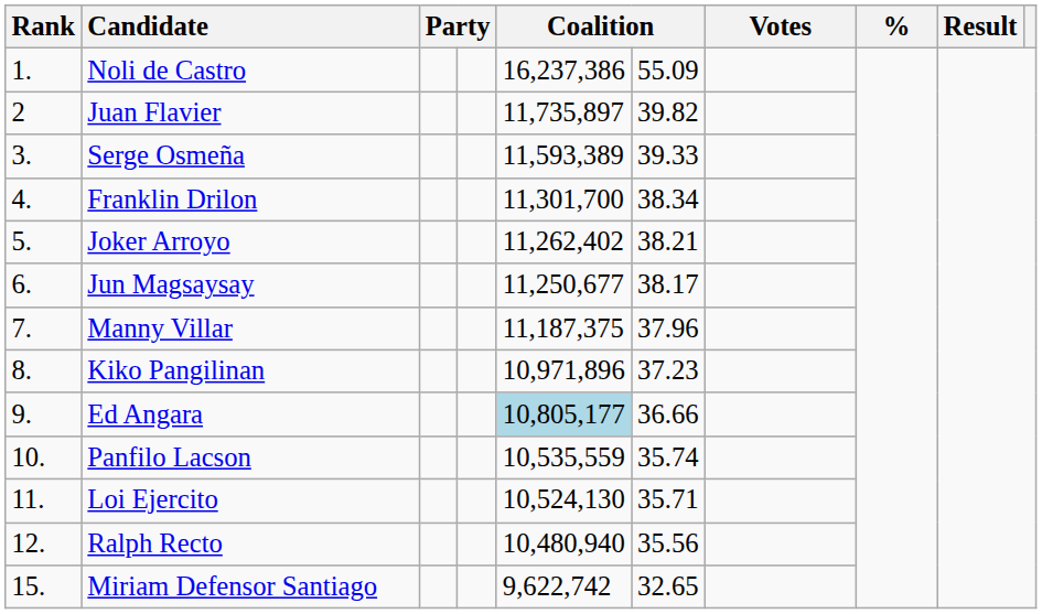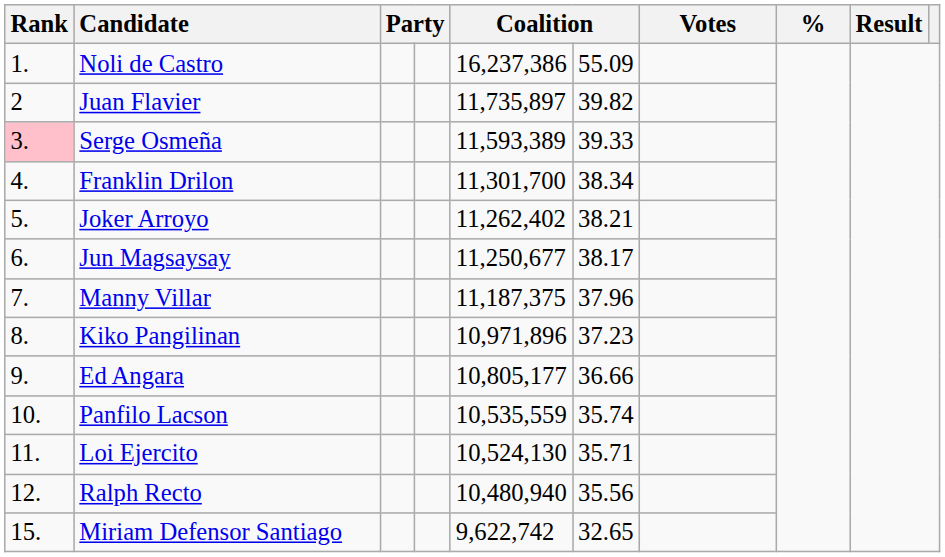 <table class="wikitable">
 <tr>
 <th width="5px">Rank</th>
 <th style="text-align:left;width: 15em">Candidate</th>
 <th colspan="2">Party</th>
 <th colspan="2">Coalition</th>
 <th width="100px">Votes</th>
 <th width="50px">%</th>
 <th>Result</th>
 <th></th>
 </tr>
 <tr>
 <td>1.</td>
 <td width="200px" style="text-align:left;"><a href='#'>Noli de Castro</a></td>
 <td></td>
 <td></td>
 <td>16,237,386</td>
 <td>55.09</td>
 <td></td>
 <td rowspan="13"></td>
 </tr>
 <tr>
 <td>2</td>
 <td width="200px" style="text-align:left;"><a href='#'>Juan Flavier</a></td>
 <td></td>
 <td></td>
 <td>11,735,897</td>
 <td>39.82</td>
 <td></td>
 </tr>
 <tr>
-<td>3.</td>
+<td style="background: pink;">3.</td>
 <td width="200px" style="text-align:left;"><a href='#'>Serge Osmeña</a></td>
 <td></td>
 <td></td>
 <td>11,593,389</td>
 <td>39.33</td>
 <td></td>
 </tr>
 <tr>
 <td>4.</td>
 <td width="200px" style="text-align:left;"><a href='#'>Franklin Drilon</a></td>
 <td></td>
 <td></td>
 <td>11,301,700</td>
 <td>38.34</td>
 <td></td>
 </tr>
 <tr>
 <td>5.</td>
 <td width="200px" style="text-align:left;"><a href='#'>Joker Arroyo</a></td>
 <td></td>
 <td></td>
 <td>11,262,402</td>
 <td>38.21</td>
 <td></td>
 </tr>
 <tr>
 <td>6.</td>
 <td width="200px" style="text-align:left;"><a href='#'>Jun Magsaysay</a></td>
 <td></td>
 <td></td>
 <td>11,250,677</td>
 <td>38.17</td>
 <td></td>
 </tr>
 <tr>
 <td>7.</td>
 <td width="200px" style="text-align:left;"><a href='#'>Manny Villar</a></td>
 <td></td>
 <td></td>
 <td>11,187,375</td>
 <td>37.96</td>
 <td></td>
 </tr>
 <tr>
 <td>8.</td>
 <td width="200px" style="text-align:left;"><a href='#'>Kiko Pangilinan</a></td>
 <td></td>
 <td></td>
 <td>10,971,896</td>
 <td>37.23</td>
 <td></td>
 </tr>
 <tr>
 <td>9.</td>
 <td width="200px" style="text-align:left;"><a href='#'>Ed Angara</a></td>
 <td></td>
 <td></td>
-<td style="background: lightblue;">10,805,177</td>
+<td>10,805,177</td>
 <td>36.66</td>
 <td></td>
 </tr>
 <tr>
 <td>10.</td>
 <td width="200px" style="text-align:left;"><a href='#'>Panfilo Lacson</a></td>
 <td></td>
 <td></td>
 <td>10,535,559</td>
 <td>35.74</td>
 <td></td>
 </tr>
 <tr>
 <td>11.</td>
 <td width="200px" style="text-align:left;"><a href='#'>Loi Ejercito</a></td>
 <td></td>
 <td></td>
 <td>10,524,130</td>
 <td>35.71</td>
 <td></td>
 </tr>
 <tr>
 <td>12.</td>
 <td width="200px" style="text-align:left;"><a href='#'>Ralph Recto</a></td>
 <td></td>
 <td></td>
 <td>10,480,940</td>
 <td>35.56</td>
 <td></td>
 </tr>
 <tr>
 <td>15.</td>
 <td width="200px" style="text-align:left;"><a href='#'>Miriam Defensor Santiago</a></td>
 <td></td>
 <td></td>
 <td>9,622,742</td>
 <td>32.65</td>
 <td></td>
 </tr>
 </table>
